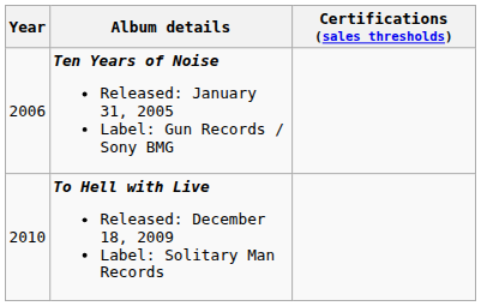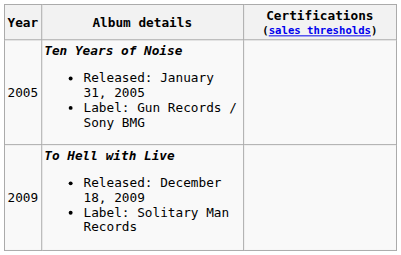 <table class="wikitable">
 <tr>
 <th>Year</th>
 <th style="width:200px;">Album details</th>
 <th style="width:150px;">Certifications<br><small>(<a href='#'>sales thresholds</a>)</small></th>
 </tr>
 <tr>
-<td style="text-align:center;">2006</td>
+<td style="text-align:center;">2005</td>
 <td><strong><em>Ten Years of Noise</em></strong><br><ul><li>Released: January 31, 2005</li><li>Label: Gun Records / Sony BMG</li></ul></td>
 <td></td>
 </tr>
 <tr>
-<td style="text-align:center;">2010</td>
+<td style="text-align:center;">2009</td>
 <td><strong><em>To Hell with Live</em></strong><br><ul><li>Released: December 18, 2009</li><li>Label: Solitary Man Records</li></ul></td>
 <td></td>
 </tr>
 </table>
